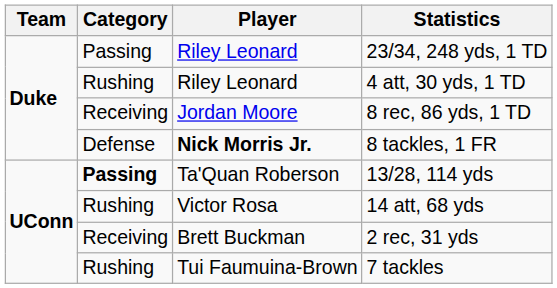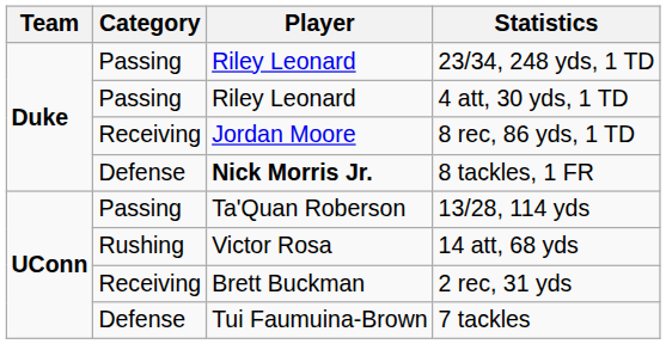 <table class="wikitable" style="float: right;">
 <tr>
 <th>Team</th>
 <th>Category</th>
 <th>Player</th>
 <th>Statistics</th>
 </tr>
 <tr>
 <td rowspan=4><strong>Duke</strong></td>
 <td>Passing</td>
 <td><a href='#'>Riley Leonard</a></td>
 <td>23/34, 248 yds, 1 TD</td>
 </tr>
 <tr>
-<td>Rushing</td>
+<td>Passing</td>
 <td>Riley Leonard</td>
 <td>4 att, 30 yds, 1 TD</td>
 </tr>
 <tr>
 <td>Receiving</td>
 <td><a href='#'>Jordan Moore</a></td>
 <td>8 rec, 86 yds, 1 TD</td>
 </tr>
 <tr>
 <td>Defense</td>
 <td><strong>Nick Morris Jr.</strong></td>
 <td>8 tackles, 1 FR</td>
 </tr>
 <tr>
 <td rowspan=4><strong>UConn</strong></td>
-<td><strong>Passing</strong></td>
+<td>Passing</td>
 <td>Ta'Quan Roberson</td>
 <td>13/28, 114 yds</td>
 </tr>
 <tr>
 <td>Rushing</td>
 <td>Victor Rosa</td>
 <td>14 att, 68 yds</td>
 </tr>
 <tr>
 <td>Receiving</td>
 <td>Brett Buckman</td>
 <td>2 rec, 31 yds</td>
 </tr>
 <tr>
-<td>Rushing</td>
+<td>Defense</td>
 <td>Tui Faumuina-Brown</td>
 <td>7 tackles</td>
 </tr>
 </table>
